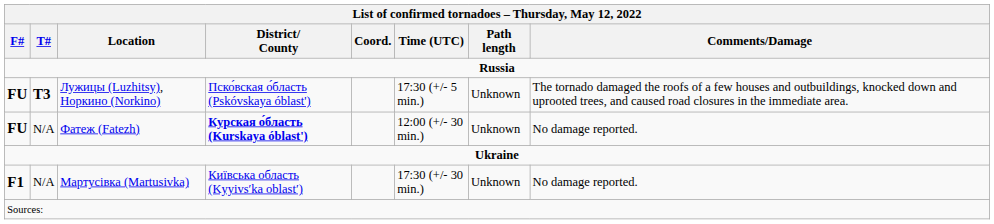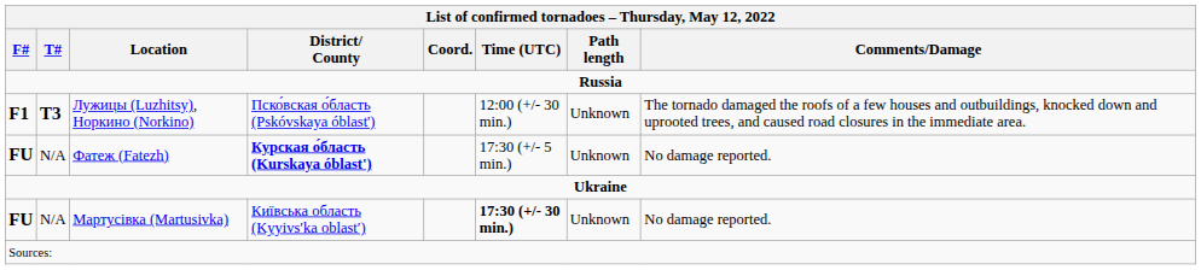 <table class="wikitable collapsible" width="100%">
 <tr>
 <th colspan="8">List of confirmed tornadoes – Thursday, May 12, 2022</th>
 </tr>
 <tr>
 <th><a href='#'>F#</a></th>
 <th><a href='#'>T#</a></th>
 <th>Location</th>
 <th>District/<br>County</th>
 <th>Coord.</th>
 <th>Time (UTC)</th>
 <th>Path length</th>
 <th>Comments/Damage</th>
 </tr>
 <tr>
 <td colspan="8" align=center><strong>Russia</strong></td>
 </tr>
 <tr>
-<td><big><strong>FU</strong></big></td>
+<td><big><strong>F1</strong></big></td>
 <td><big><strong>T3</strong></big></td>
 <td><a href='#'>Лужицы (Luzhitsy)</a>, <a href='#'>Норкино (Norkino)</a></td>
 <td><a href='#'>Пско́вская о́бласть (Pskóvskaya óblast')</a></td>
 <td></td>
-<td>17:30 (+/- 5 min.)</td>
+<td>12:00 (+/- 30 min.)</td>
 <td>Unknown</td>
 <td>The tornado damaged the roofs of a few houses and outbuildings, knocked down and uprooted trees, and caused road closures in the immediate area.</td>
 </tr>
 <tr>
 <td><big><strong>FU</strong></big></td>
 <td>N/A</td>
 <td><a href='#'>Фатеж (Fatezh)</a></td>
 <td><strong><a href='#'>Курская о́бласть (Kurskaya óblast')</a></strong></td>
 <td></td>
-<td>12:00 (+/- 30 min.)</td>
+<td>17:30 (+/- 5 min.)</td>
 <td>Unknown</td>
 <td>No damage reported.</td>
 </tr>
 <tr>
 <td colspan="8" align=center><strong>Ukraine</strong></td>
 </tr>
 <tr>
-<td><big><strong>F1</strong></big></td>
+<td><big><strong>FU</strong></big></td>
 <td>N/A</td>
 <td><a href='#'>Мартусівка (Martusivka)</a></td>
 <td><a href='#'>Київська область (Kyyivsʹka oblastʹ)</a></td>
 <td></td>
-<td>17:30 (+/- 30 min.)</td>
+<td><strong>17:30 (+/- 30 min.)</strong></td>
 <td>Unknown</td>
 <td>No damage reported.</td>
 </tr>
 <tr>
 <td colspan="8"><small>Sources:  </small></td>
 </tr>
 </table>
